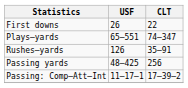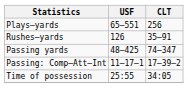 <table class="wikitable" style="float: left;">
 <tr>
 <th>Statistics</th>
 <th>USF</th>
 <th>CLT</th>
 </tr>
 <tr>
-<td>First downs</td>
-<td>26</td>
-<td>22</td>
-</tr>
-<tr>
 <td>Plays–yards</td>
 <td>65–551</td>
-<td>74–347</td>
+<td>256</td>
 </tr>
 <tr>
 <td>Rushes–yards</td>
 <td>126</td>
 <td>35–91</td>
 </tr>
 <tr>
 <td>Passing yards</td>
 <td>48–425</td>
-<td>256</td>
+<td>74–347</td>
 </tr>
 <tr>
 <td>Passing: Comp–Att–Int</td>
 <td>11–17–1</td>
 <td>17–39–2</td>
 </tr>
 <tr>
+<td>Time of possession</td>
+<td>25:55</td>
+<td>34:05</td>
+</tr>
+<tr>
 </tr>
 </table>
